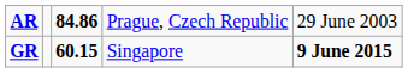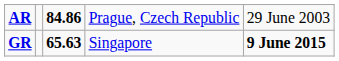 <table class="wikitable" style="font-size:95%; position:relative;">
 <tr>
 <td align=center><strong><a href='#'>AR</a></strong></td>
 <td></td>
 <td><strong>84.86</strong></td>
 <td><a href='#'>Prague</a>, <a href='#'>Czech Republic</a></td>
 <td>29 June 2003</td>
 </tr>
 <tr>
 <td align=center><strong><a href='#'>GR</a></strong></td>
 <td></td>
-<td><strong>60.15</strong></td>
+<td><strong>65.63</strong></td>
 <td><a href='#'>Singapore</a></td>
 <td><strong>9 June 2015</strong></td>
 </tr>
 </table>
